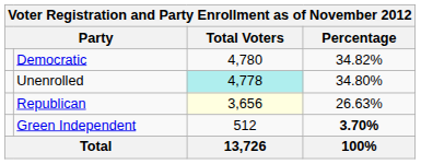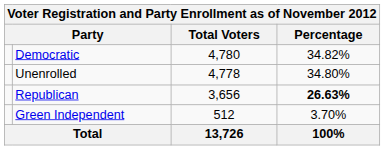 <table class=wikitable>
 <tr>
 <th colspan=6>Voter Registration and Party Enrollment as of November 2012</th>
 </tr>
 <tr>
 <th colspan=2>Party</th>
 <th>Total Voters</th>
 <th>Percentage</th>
 </tr>
 <tr>
 <td></td>
 <td><a href='#'>Democratic</a></td>
 <td align=center>4,780</td>
 <td align=center>34.82%</td>
 </tr>
 <tr>
 <td></td>
 <td>Unenrolled</td>
-<td align=center style="background: paleturquoise;">4,778</td>
+<td align=center>4,778</td>
 <td align=center>34.80%</td>
 </tr>
 <tr>
 <td></td>
 <td><a href='#'>Republican</a></td>
-<td align=center style="background: lightyellow;">3,656</td>
-<td align=center>26.63%</td>
+<td align=center>3,656</td>
+<td align=center><strong>26.63%</strong></td>
 </tr>
 <tr>
 <td></td>
 <td><a href='#'>Green Independent</a></td>
 <td align=center>512</td>
-<td align=center><strong>3.70%</strong></td>
+<td align=center>3.70%</td>
 </tr>
 <tr>
 <th colspan=2>Total</th>
 <th align=center>13,726</th>
 <th align=center>100%</th>
 </tr>
 </table>
